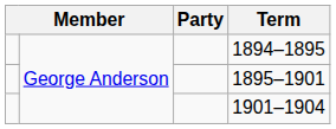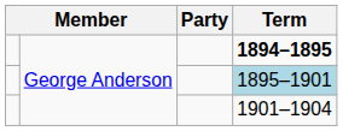 <table class="wikitable">
 <tr>
 <th colspan="2">Member</th>
 <th>Party</th>
 <th>Term</th>
 </tr>
 <tr>
 <td> </td>
 <td rowspan="3"><a href='#'>George Anderson</a></td>
 <td></td>
-<td>1894–1895</td>
+<td><strong>1894–1895</strong></td>
 </tr>
 <tr>
 <td> </td>
 <td></td>
-<td>1895–1901</td>
+<td style="background: lightblue;">1895–1901</td>
 </tr>
 <tr>
 <td> </td>
 <td></td>
 <td>1901–1904</td>
 </tr>
 </table>
